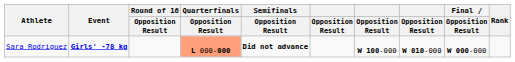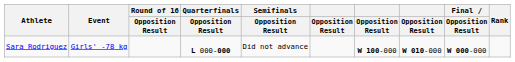 <table class="wikitable" style="font-size:90%">
 <tr>
 <th rowspan="2">Athlete</th>
 <th rowspan="2">Event</th>
 <th>Round of 16</th>
 <th>Quarterfinals</th>
 <th>Semifinals</th>
 <th></th>
 <th></th>
 <th></th>
 <th>Final / </th>
 <th rowspan=2>Rank</th>
 </tr>
 <tr style="font-size:95%">
 <th>Opposition<br>Result</th>
 <th>Opposition<br>Result</th>
 <th>Opposition<br>Result</th>
 <th>Opposition<br>Result</th>
 <th>Opposition<br>Result</th>
 <th>Opposition<br>Result</th>
 <th>Opposition<br>Result</th>
 </tr>
 <tr align=center>
 <td align=left><a href='#'>Sara Rodriguez</a></td>
-<td align=left><strong><a href='#'>Girls' -78 kg</a></strong></td>
+<td align=left><a href='#'>Girls' -78 kg</a></td>
 <td></td>
-<td style="background: lightsalmon;"><br><strong>L</strong> 000-<strong>000</strong></td>
-<td><strong>Did not advance</strong></td>
+<td><br><strong>L</strong> 000-<strong>000</strong></td>
+<td>Did not advance</td>
 <td></td>
 <td><br><strong>W</strong> <strong>100</strong>-000</td>
 <td><br><strong>W</strong> <strong>010</strong>-000</td>
 <td><br><strong>W</strong> <strong>000</strong>-000</td>
 <td></td>
 </tr>
 </table>
